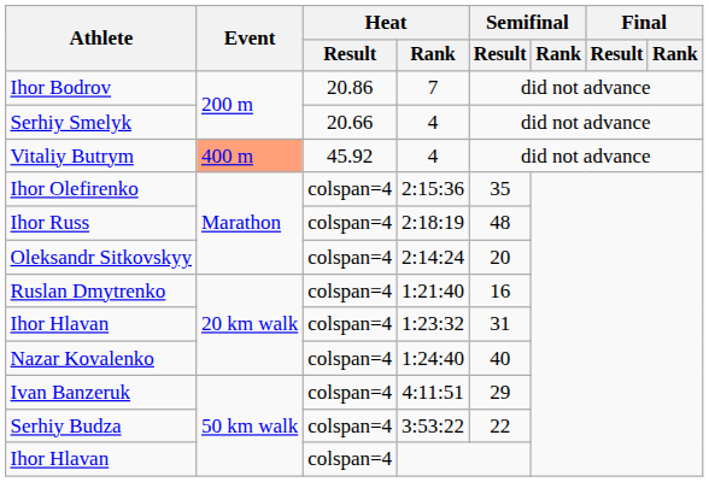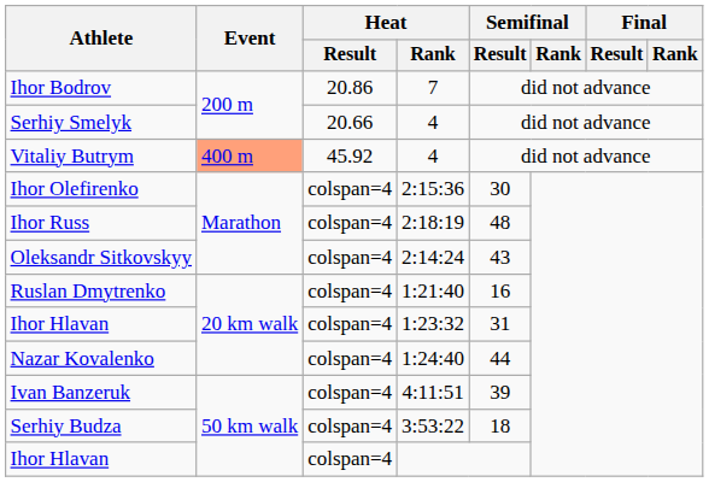 <table class="wikitable" style="font-size:90%">
 <tr>
 <th rowspan="2">Athlete</th>
 <th rowspan="2">Event</th>
 <th colspan="2">Heat</th>
 <th colspan="2">Semifinal</th>
 <th colspan="2">Final</th>
 </tr>
 <tr style="font-size:95%">
 <th>Result</th>
 <th>Rank</th>
 <th>Result</th>
 <th>Rank</th>
 <th>Result</th>
 <th>Rank</th>
 </tr>
 <tr align=center>
 <td align=left><a href='#'>Ihor Bodrov</a></td>
 <td align=left rowspan=2><a href='#'>200 m</a></td>
 <td>20.86</td>
 <td>7</td>
 <td colspan=4>did not advance</td>
 </tr>
 <tr align=center>
 <td align=left><a href='#'>Serhiy Smelyk</a></td>
 <td>20.66</td>
 <td>4</td>
 <td colspan=4>did not advance</td>
 </tr>
 <tr align=center>
 <td align=left><a href='#'>Vitaliy Butrym</a></td>
 <td align=left style="background: lightsalmon;"><a href='#'>400 m</a></td>
 <td>45.92</td>
 <td>4</td>
 <td colspan=4>did not advance</td>
 </tr>
 <tr align=center>
 <td align=left><a href='#'>Ihor Olefirenko</a></td>
 <td align=left rowspan=3><a href='#'>Marathon</a></td>
 <td>colspan=4 </td>
 <td>2:15:36</td>
-<td>35</td>
+<td>30</td>
 </tr>
 <tr align=center>
 <td align=left><a href='#'>Ihor Russ</a></td>
 <td>colspan=4 </td>
 <td>2:18:19</td>
 <td>48</td>
 </tr>
 <tr align=center>
 <td align=left><a href='#'>Oleksandr Sitkovskyy</a></td>
 <td>colspan=4 </td>
 <td>2:14:24</td>
-<td>20</td>
+<td>43</td>
 </tr>
 <tr align=center>
 <td align=left><a href='#'>Ruslan Dmytrenko</a></td>
 <td align=left rowspan=3><a href='#'>20 km walk</a></td>
 <td>colspan=4 </td>
 <td>1:21:40</td>
 <td>16</td>
 </tr>
 <tr align=center>
 <td align=left><a href='#'>Ihor Hlavan</a></td>
 <td>colspan=4 </td>
 <td>1:23:32</td>
 <td>31</td>
 </tr>
 <tr align=center>
 <td align=left><a href='#'>Nazar Kovalenko</a></td>
 <td>colspan=4 </td>
 <td>1:24:40</td>
-<td>40</td>
+<td>44</td>
 </tr>
 <tr align=center>
 <td align=left><a href='#'>Ivan Banzeruk</a></td>
 <td align=left rowspan=3><a href='#'>50 km walk</a></td>
 <td>colspan=4 </td>
 <td>4:11:51</td>
-<td>29</td>
+<td>39</td>
 </tr>
 <tr align=center>
 <td align=left><a href='#'>Serhiy Budza</a></td>
 <td>colspan=4 </td>
 <td>3:53:22</td>
-<td>22</td>
+<td>18</td>
 </tr>
 <tr align=center>
 <td align=left><a href='#'>Ihor Hlavan</a></td>
 <td>colspan=4 </td>
 <td colspan=2></td>
 </tr>
 </table>
